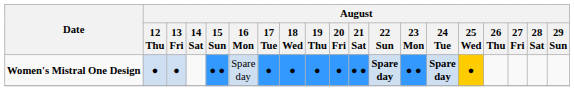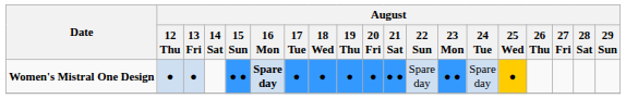 <table class="wikitable" style="margin:0.5em auto; font-size:90%; line-height:1.25em;">
 <tr>
 <th rowspan=2>Date</th>
 <th colspan=18>August</th>
 </tr>
 <tr>
 <th>12<br>Thu</th>
 <th>13<br>Fri</th>
 <th>14<br>Sat</th>
 <th>15<br>Sun</th>
 <th>16<br>Mon</th>
 <th>17<br>Tue</th>
 <th>18<br>Wed</th>
 <th>19<br>Thu</th>
 <th>20<br>Fri</th>
 <th>21<br>Sat</th>
 <th>22<br>Sun</th>
 <th>23<br>Mon</th>
 <th>24<br>Tue</th>
 <th>25<br>Wed</th>
 <th>26<br>Thu</th>
 <th>27<br>Fri</th>
 <th>28<br>Sat</th>
 <th>29<br>Sun</th>
 </tr>
 <tr align="center">
 <td align="center"><strong>Women's Mistral One Design</strong></td>
 <td bgcolor=#cedff2><span> ● </span></td>
 <td bgcolor=#cedff2><span> ● </span></td>
 <td></td>
 <td bgcolor=#3399ff><span> ● ● </span></td>
-<td bgcolor=#cedff2>Spare<br>day</td>
+<td bgcolor=#cedff2><strong>Spare<br>day</strong></td>
 <td bgcolor=#3399ff><span> ● </span></td>
 <td bgcolor=#3399ff><span> ● </span></td>
 <td bgcolor=#3399ff><span> ● </span></td>
 <td bgcolor=#3399ff><span> ● </span></td>
 <td bgcolor=#3399ff><span> ● ● </span></td>
-<td bgcolor=#cedff2><strong>Spare<br>day</strong></td>
+<td bgcolor=#cedff2>Spare<br>day</td>
 <td bgcolor=#3399ff><span> ● ● </span></td>
-<td bgcolor=#cedff2><strong>Spare<br>day</strong></td>
+<td bgcolor=#cedff2>Spare<br>day</td>
 <td bgcolor=#ffcc00><span> ● </span></td>
 <td></td>
 <td></td>
 <td></td>
 <td></td>
 </tr>
 <tr align="center">
 </tr>
 </table>
